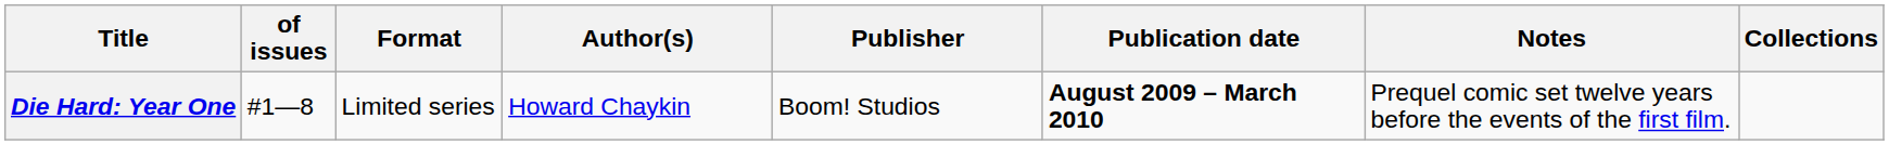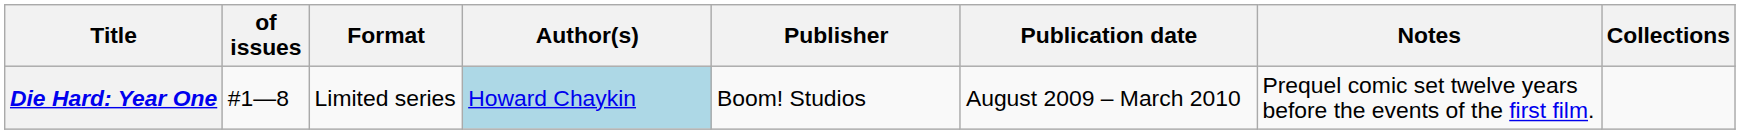 <table class="wikitable">
 <tr>
 <th>Title</th>
 <th style="width:40pt"> of issues</th>
 <th style="width:75pt">Format</th>
 <th style="width:125pt">Author(s)</th>
 <th style="width:125pt">Publisher</th>
 <th style="width:150pt">Publication date</th>
 <th style="width:175pt">Notes</th>
 <th>Collections</th>
 </tr>
 <tr>
 <th><em><a href='#'>Die Hard: Year One</a></em></th>
 <td>#1—8</td>
 <td>Limited series</td>
-<td><a href='#'>Howard Chaykin</a></td>
+<td style="background: lightblue;"><a href='#'>Howard Chaykin</a></td>
 <td>Boom! Studios</td>
-<td><strong>August 2009 – March 2010</strong></td>
+<td>August 2009 – March 2010</td>
 <td>Prequel comic set twelve years before the events of the <a href='#'>first film</a>.</td>
 <td rowspan="2"><br></td>
 </tr>
 </table>
